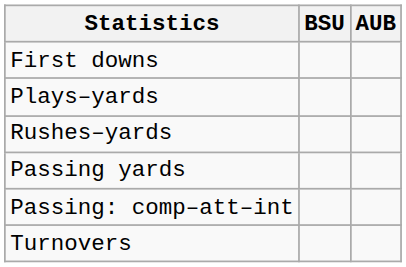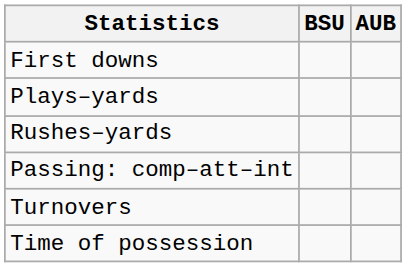 <table class="wikitable" style="float:left">
 <tr>
 <th>Statistics</th>
 <th>BSU</th>
 <th>AUB</th>
 </tr>
 <tr>
 <td>First downs</td>
 <td></td>
 <td></td>
 </tr>
 <tr>
 <td>Plays–yards</td>
 <td></td>
 <td></td>
 </tr>
 <tr>
 <td>Rushes–yards</td>
 <td></td>
 <td></td>
 </tr>
 <tr>
-<td>Passing yards</td>
-<td></td>
-<td></td>
-</tr>
-<tr>
 <td>Passing: comp–att–int</td>
 <td></td>
 <td></td>
 </tr>
 <tr>
 <td>Turnovers</td>
 <td></td>
 <td></td>
 </tr>
+<tr>
+<td>Time of possession</td>
+<td></td>
+<td></td>
+</tr>
 </table>
